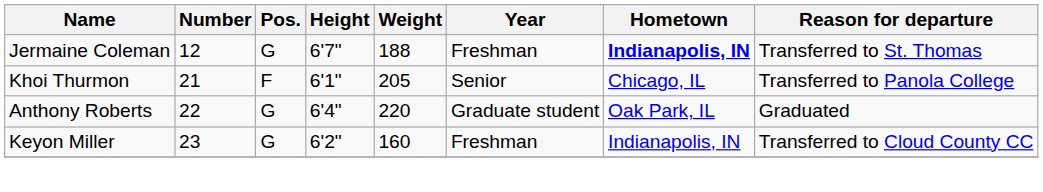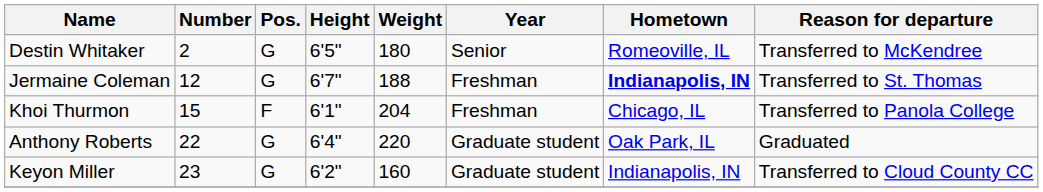 <table class="wikitable sortable" border="1">
 <tr>
 <th>Name</th>
 <th>Number</th>
 <th>Pos.</th>
 <th>Height</th>
 <th>Weight</th>
 <th>Year</th>
 <th>Hometown</th>
 <th>Reason for departure</th>
+</tr>
+<tr>
+<td>Destin Whitaker</td>
+<td>2</td>
+<td>G</td>
+<td>6'5"</td>
+<td>180</td>
+<td>Senior</td>
+<td><a href='#'>Romeoville, IL</a></td>
+<td>Transferred to <a href='#'>McKendree</a></td>
 </tr>
 <tr>
 <td>Jermaine Coleman</td>
 <td>12</td>
 <td>G</td>
 <td>6'7"</td>
 <td>188</td>
 <td>Freshman</td>
 <td><strong><a href='#'>Indianapolis, IN</a></strong></td>
 <td>Transferred to <a href='#'>St. Thomas</a></td>
 </tr>
 <tr>
 <td>Khoi Thurmon</td>
-<td>21</td>
+<td>15</td>
 <td>F</td>
 <td>6'1"</td>
-<td>205</td>
-<td>Senior</td>
+<td>204</td>
+<td>Freshman</td>
 <td><a href='#'>Chicago, IL</a></td>
 <td>Transferred to <a href='#'>Panola College</a></td>
 </tr>
 <tr>
 <td>Anthony Roberts</td>
 <td>22</td>
 <td>G</td>
 <td>6'4"</td>
 <td>220</td>
 <td>Graduate student</td>
 <td><a href='#'>Oak Park, IL</a></td>
 <td>Graduated</td>
 </tr>
 <tr>
 <td>Keyon Miller</td>
 <td>23</td>
 <td>G</td>
 <td>6'2"</td>
 <td>160</td>
-<td>Freshman</td>
+<td>Graduate student</td>
 <td><a href='#'>Indianapolis, IN</a></td>
 <td>Transferred to <a href='#'>Cloud County CC</a></td>
 </tr>
 <tr>
 </tr>
 </table>
